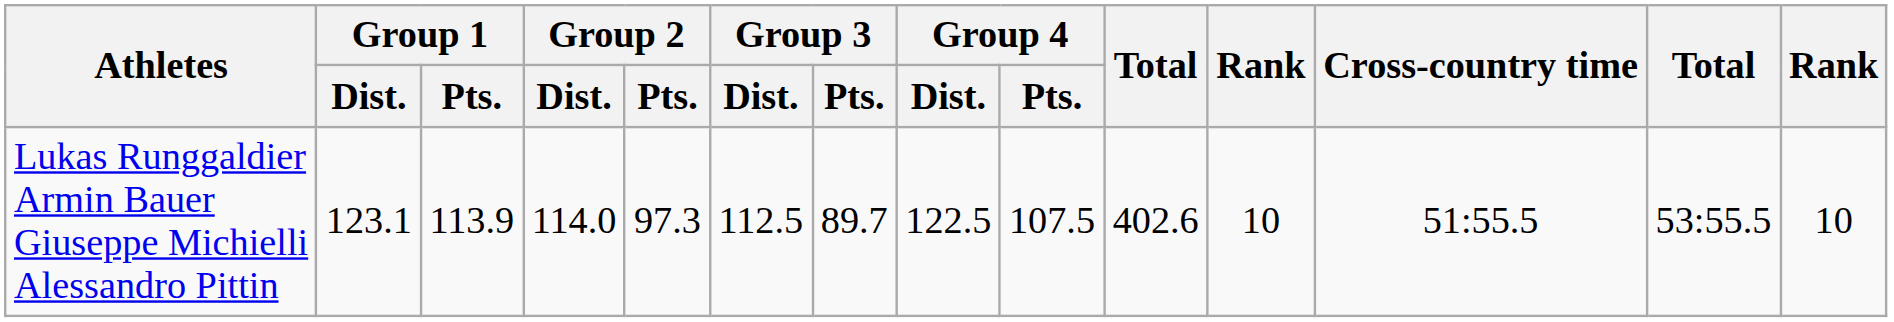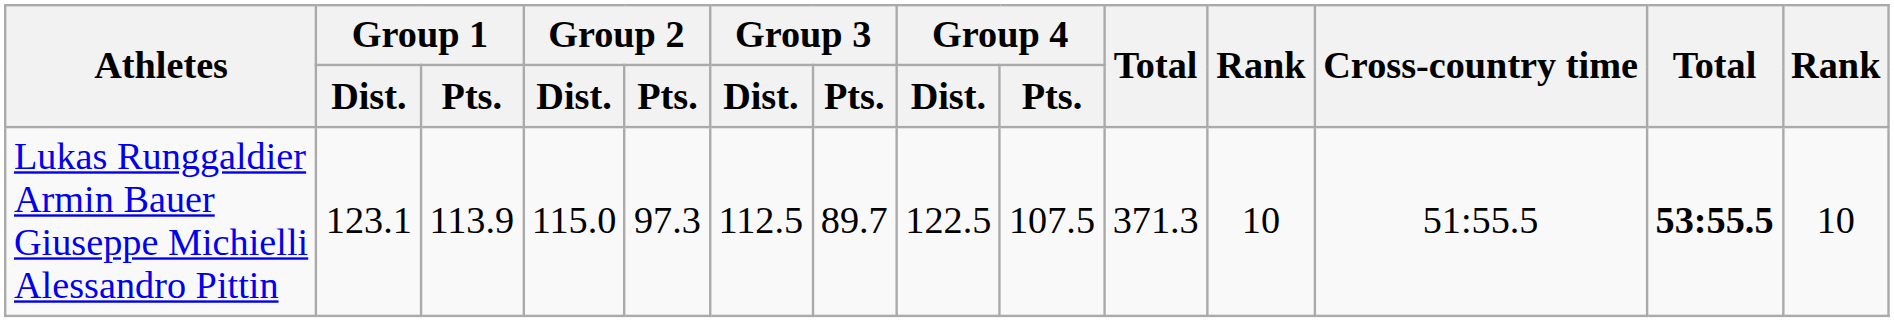 <table class="wikitable" border="1">
 <tr>
 <th rowspan=2>Athletes</th>
 <th colspan=2>Group 1</th>
 <th colspan=2>Group 2</th>
 <th colspan=2>Group 3</th>
 <th colspan=2>Group 4</th>
 <th rowspan=2>Total</th>
 <th rowspan=2>Rank</th>
 <th rowspan=2>Cross-country time</th>
 <th rowspan=2>Total</th>
 <th rowspan=2>Rank</th>
 </tr>
 <tr>
 <th>Dist.</th>
 <th>Pts.</th>
 <th>Dist.</th>
 <th>Pts.</th>
 <th>Dist.</th>
 <th>Pts.</th>
 <th>Dist.</th>
 <th>Pts.</th>
 </tr>
 <tr align=center>
 <td align=left><a href='#'>Lukas&nbsp;Runggaldier</a><br><a href='#'>Armin&nbsp;Bauer</a><br><a href='#'>Giuseppe&nbsp;Michielli</a><br><a href='#'>Alessandro&nbsp;Pittin</a></td>
 <td>123.1</td>
 <td>113.9</td>
-<td>114.0</td>
+<td>115.0</td>
 <td>97.3</td>
 <td>112.5</td>
 <td>89.7</td>
 <td>122.5</td>
 <td>107.5</td>
-<td>402.6</td>
+<td>371.3</td>
 <td>10</td>
 <td>51:55.5</td>
-<td>53:55.5</td>
+<td><strong>53:55.5</strong></td>
 <td>10</td>
 </tr>
 </table>
